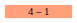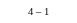 <table style="text-align:center">
 <tr>
 <th width=200></th>
 <th width=100></th>
 <th width=200></th>
 </tr>
 <tr>
 <td align=right><strong></strong></td>
-<td style="background: lightsalmon;">4 – 1</td>
+<td>4 – 1</td>
 <td align=left></td>
 </tr>
 </table>
